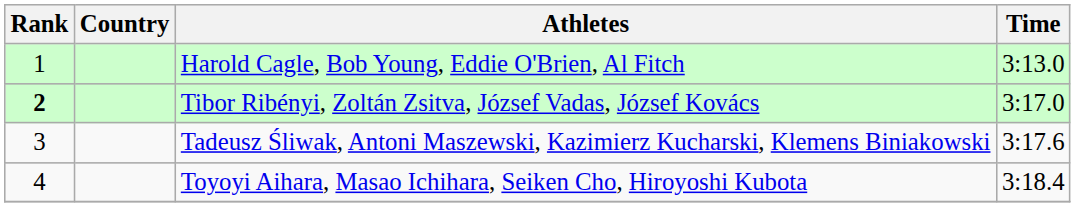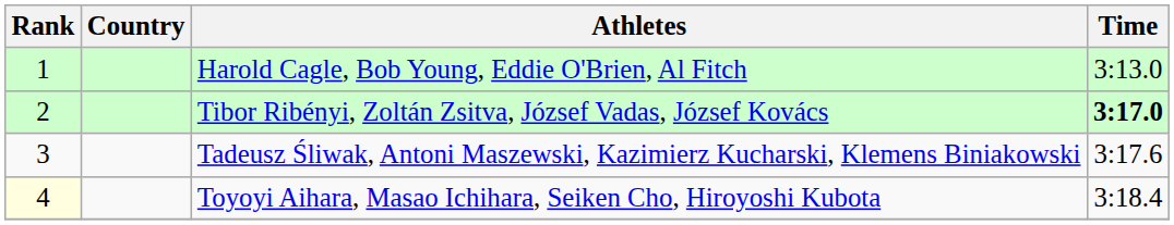 <table class="wikitable sortable" style="text-align:center">
 <tr>
 <th>Rank</th>
 <th>Country</th>
 <th>Athletes</th>
 <th>Time</th>
 </tr>
 <tr bgcolor=ccffcc>
 <td>1</td>
 <td align=left></td>
 <td align=left><a href='#'>Harold Cagle</a>, <a href='#'>Bob Young</a>, <a href='#'>Eddie O'Brien</a>, <a href='#'>Al Fitch</a></td>
 <td>3:13.0</td>
 </tr>
 <tr bgcolor=ccffcc>
-<td><strong>2</strong></td>
+<td>2</td>
 <td align=left></td>
 <td align=left><a href='#'>Tibor Ribényi</a>, <a href='#'>Zoltán Zsitva</a>, <a href='#'>József Vadas</a>, <a href='#'>József Kovács</a></td>
-<td>3:17.0</td>
+<td><strong>3:17.0</strong></td>
 </tr>
 <tr>
 <td>3</td>
 <td align=left></td>
 <td align=left><a href='#'>Tadeusz Śliwak</a>, <a href='#'>Antoni Maszewski</a>, <a href='#'>Kazimierz Kucharski</a>, <a href='#'>Klemens Biniakowski</a></td>
 <td>3:17.6</td>
 </tr>
 <tr>
-<td>4</td>
+<td style="background: lightyellow;">4</td>
 <td align=left></td>
 <td align=left><a href='#'>Toyoyi Aihara</a>, <a href='#'>Masao Ichihara</a>, <a href='#'>Seiken Cho</a>, <a href='#'>Hiroyoshi Kubota</a></td>
 <td>3:18.4</td>
 </tr>
 <tr>
 </tr>
 </table>
